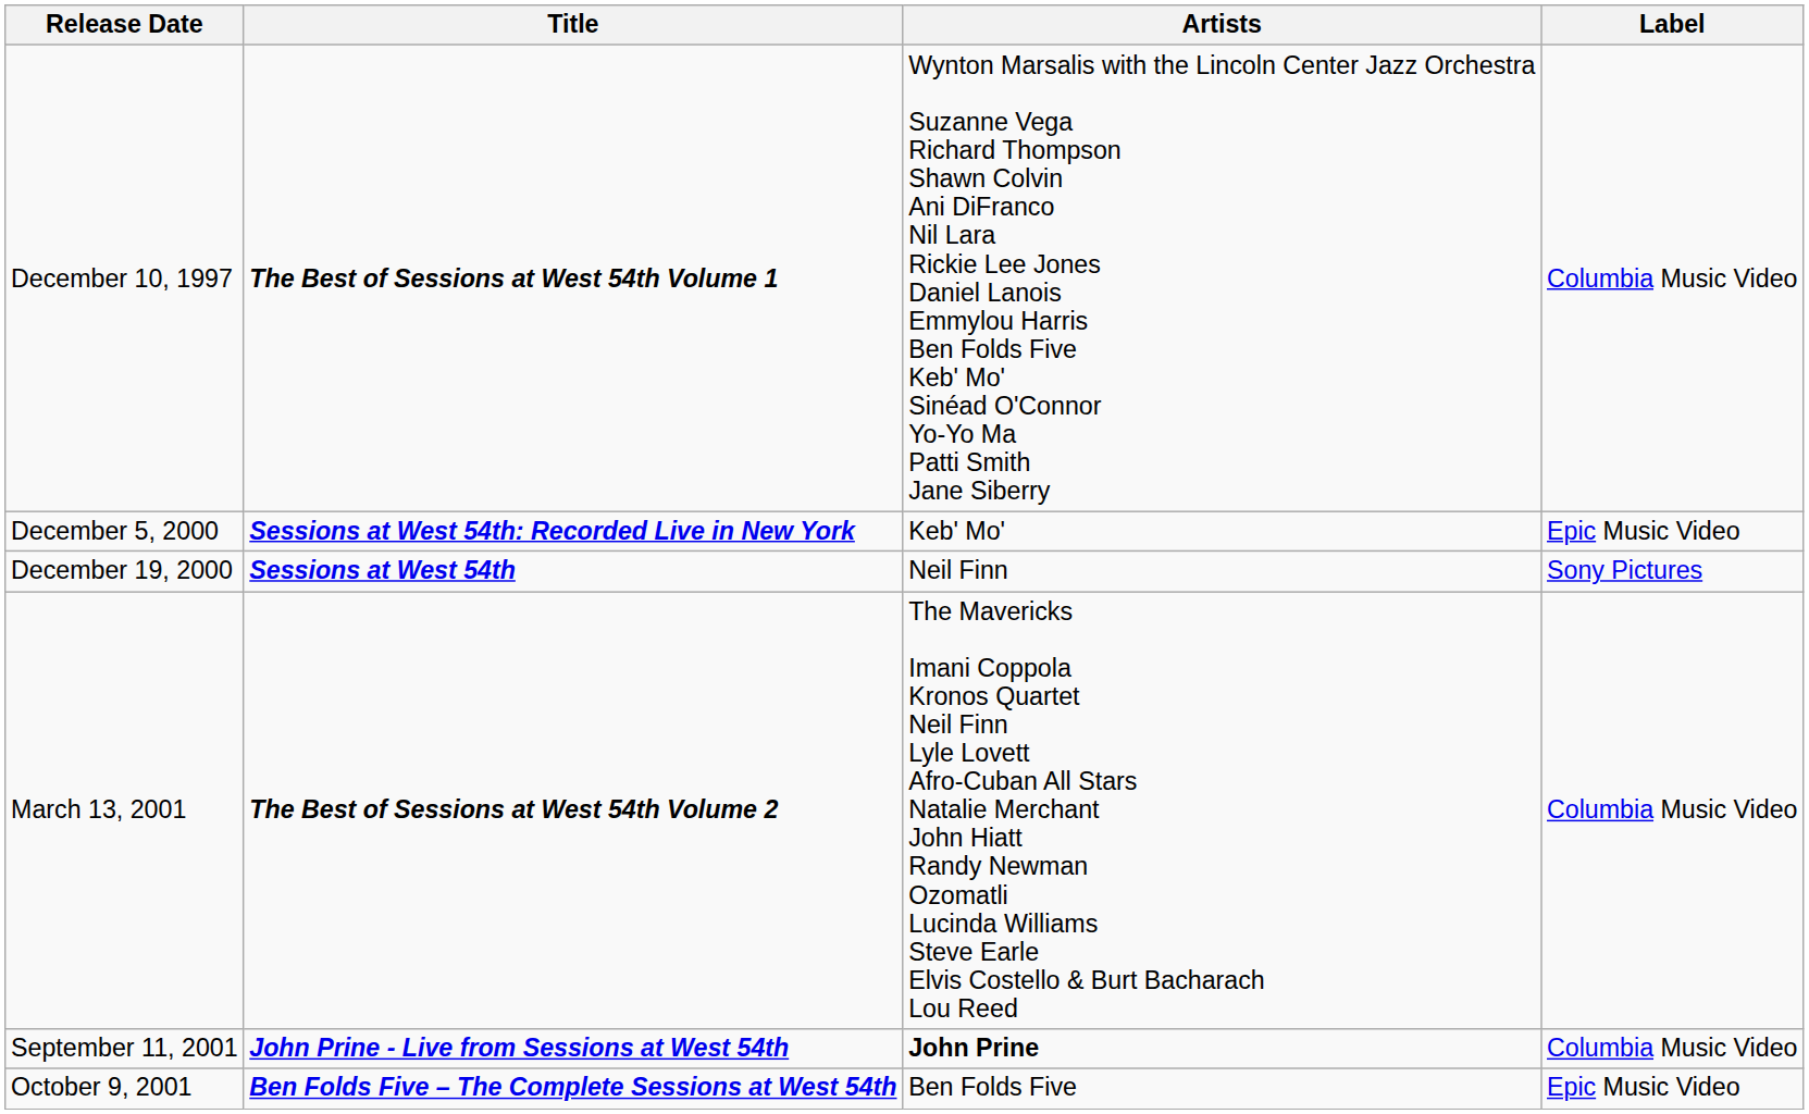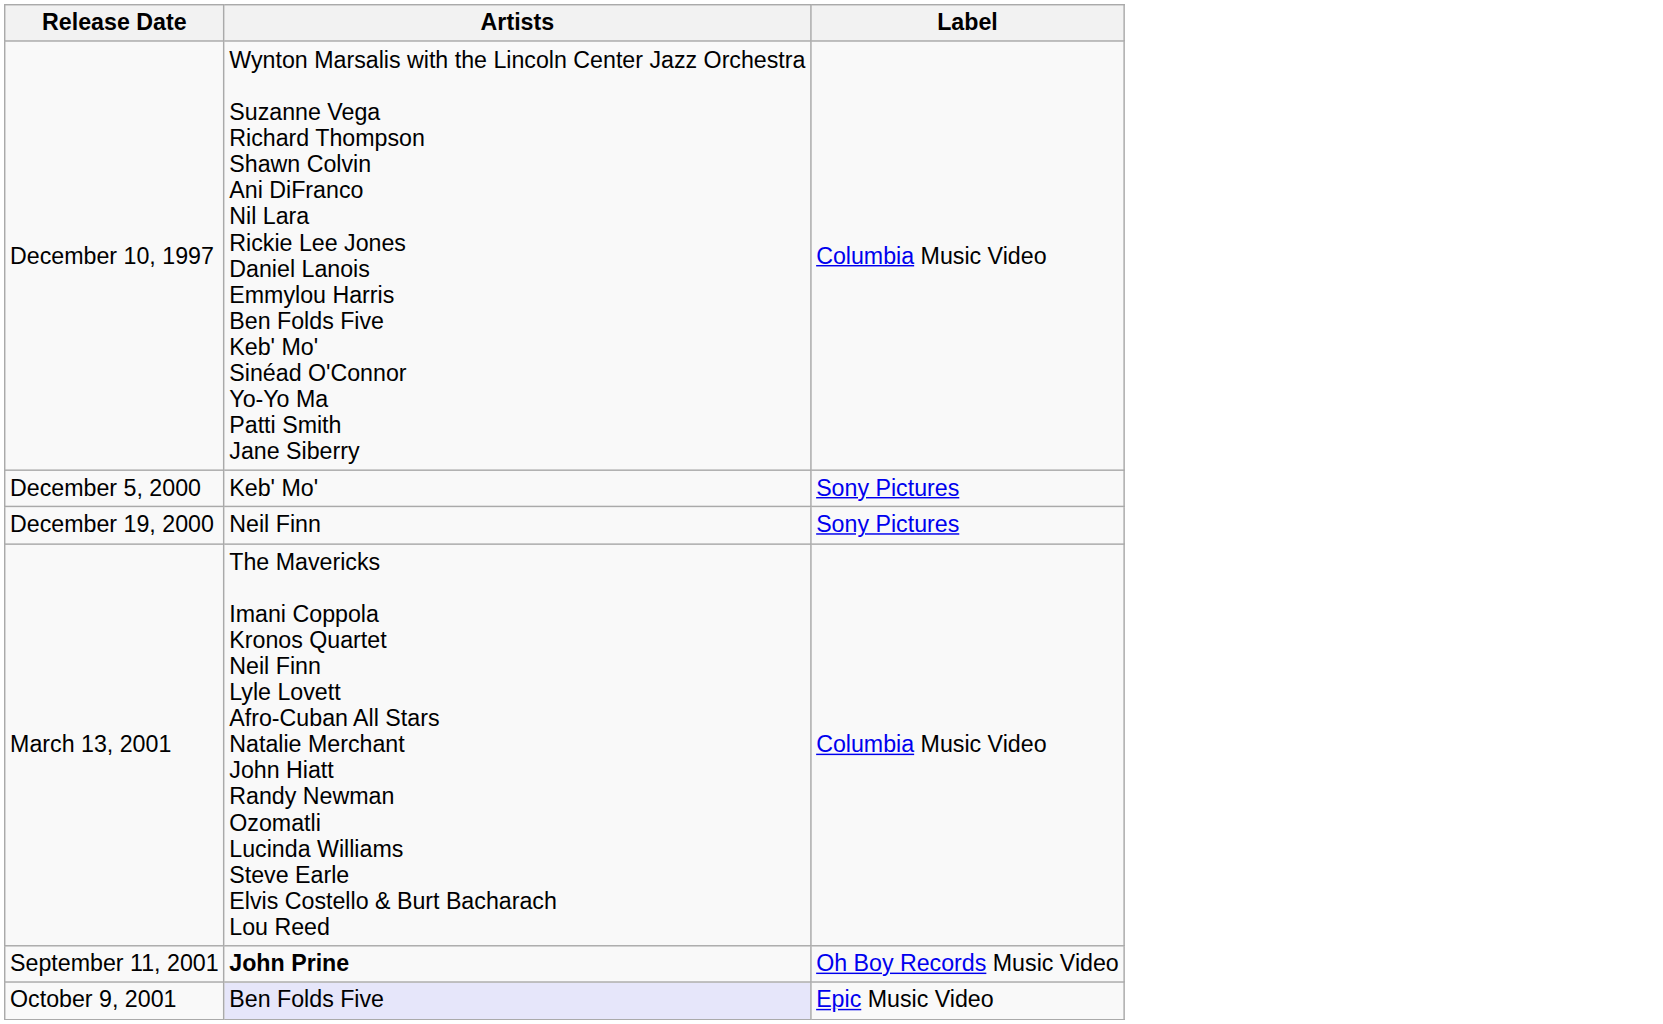 <table class="wikitable">
 <tr>
 <th>Release Date</th>
-<th>Title</th>
 <th>Artists</th>
 <th>Label</th>
 </tr>
 <tr>
 <td>December 10, 1997</td>
-<td><strong><em>The Best of Sessions at West 54th Volume 1</em></strong></td>
 <td>Wynton Marsalis with the Lincoln Center Jazz Orchestra<br><br>Suzanne Vega<br> Richard Thompson <br> Shawn Colvin <br> Ani DiFranco <br> Nil Lara <br> Rickie Lee Jones <br> Daniel Lanois <br> Emmylou Harris <br> Ben Folds Five <br> Keb' Mo' <br> Sinéad O'Connor <br> Yo-Yo Ma <br> Patti Smith <br> Jane Siberry <br></td>
 <td><a href='#'>Columbia</a> Music Video</td>
 </tr>
 <tr>
 <td>December 5, 2000</td>
-<td><strong><em><a href='#'>Sessions at West 54th: Recorded Live in New York</a></em></strong></td>
 <td>Keb' Mo'</td>
-<td><a href='#'>Epic</a> Music Video</td>
+<td><a href='#'>Sony Pictures</a></td>
 </tr>
 <tr>
 <td>December 19, 2000</td>
-<td><strong><em><a href='#'>Sessions at West 54th</a></em></strong></td>
 <td>Neil Finn</td>
 <td><a href='#'>Sony Pictures</a></td>
 </tr>
 <tr>
 <td>March 13, 2001</td>
-<td><strong><em>The Best of Sessions at West 54th Volume 2</em></strong></td>
 <td>The Mavericks <br><br>Imani Coppola <br> Kronos Quartet <br> Neil Finn <br> Lyle Lovett <br> Afro-Cuban All Stars <br> Natalie Merchant <br> John Hiatt <br> Randy Newman <br> Ozomatli <br> Lucinda Williams <br> Steve Earle <br> Elvis Costello & Burt Bacharach <br> Lou Reed</td>
 <td><a href='#'>Columbia</a> Music Video</td>
 </tr>
 <tr>
 <td>September 11, 2001</td>
-<td><strong><em><a href='#'>John Prine - Live from Sessions at West 54th</a></em></strong></td>
 <td><strong>John Prine</strong></td>
-<td><a href='#'>Columbia</a> Music Video</td>
+<td><a href='#'>Oh Boy Records</a> Music Video</td>
 </tr>
 <tr>
 <td>October 9, 2001</td>
-<td><strong><em><a href='#'>Ben Folds Five – The Complete Sessions at West 54th</a></em></strong></td>
-<td>Ben Folds Five</td>
+<td style="background: lavender;">Ben Folds Five</td>
 <td><a href='#'>Epic</a> Music Video</td>
 </tr>
 </table>
